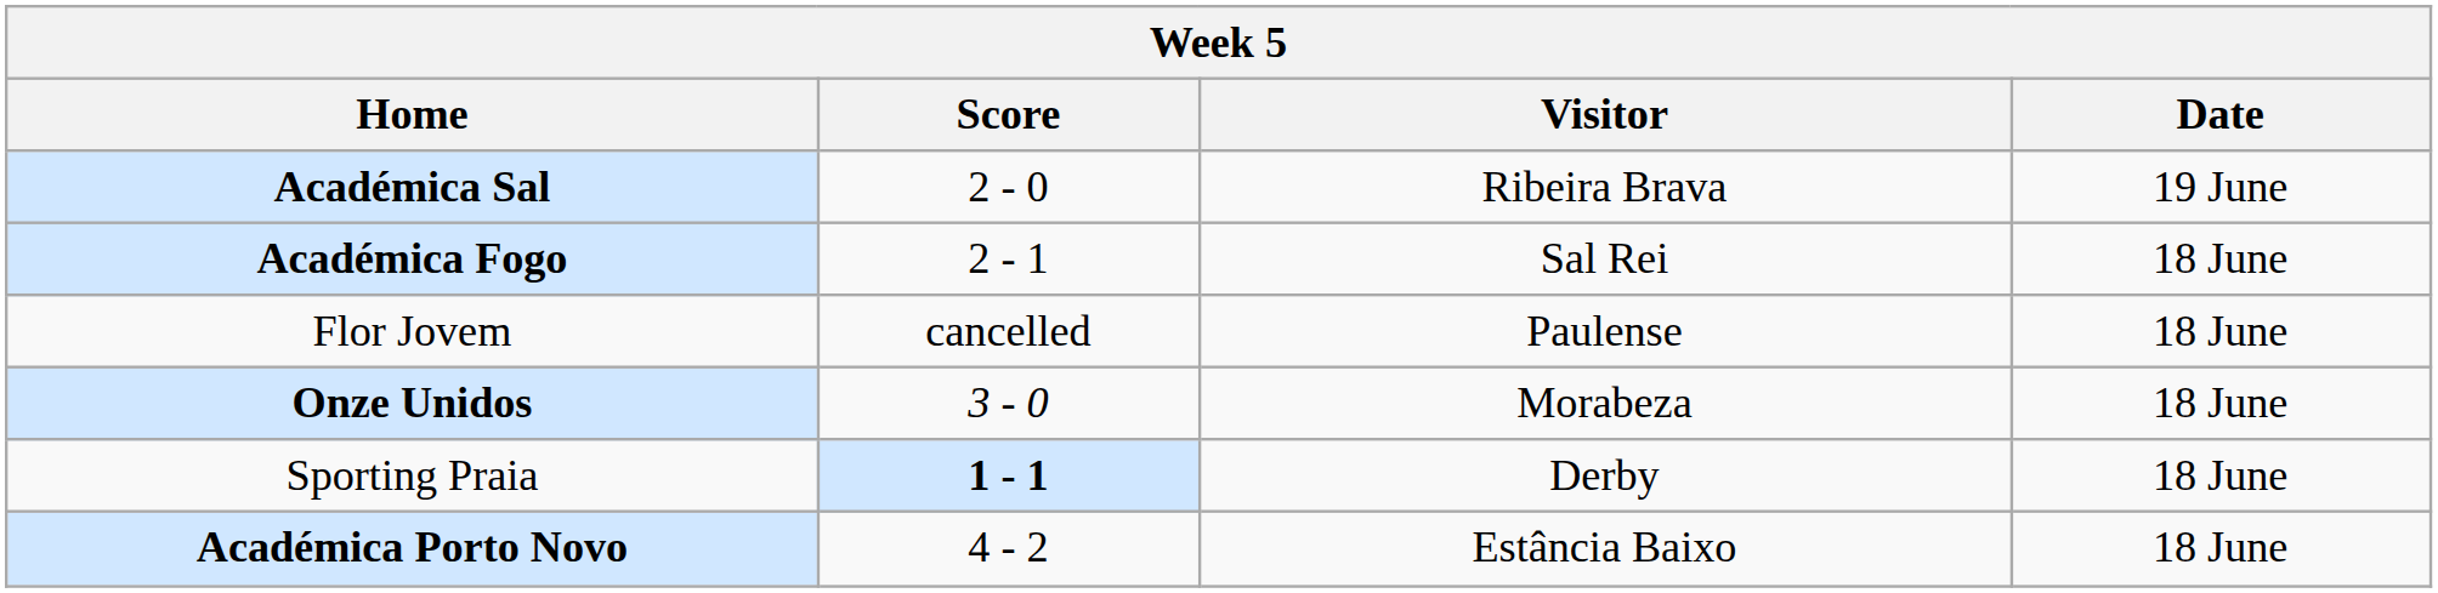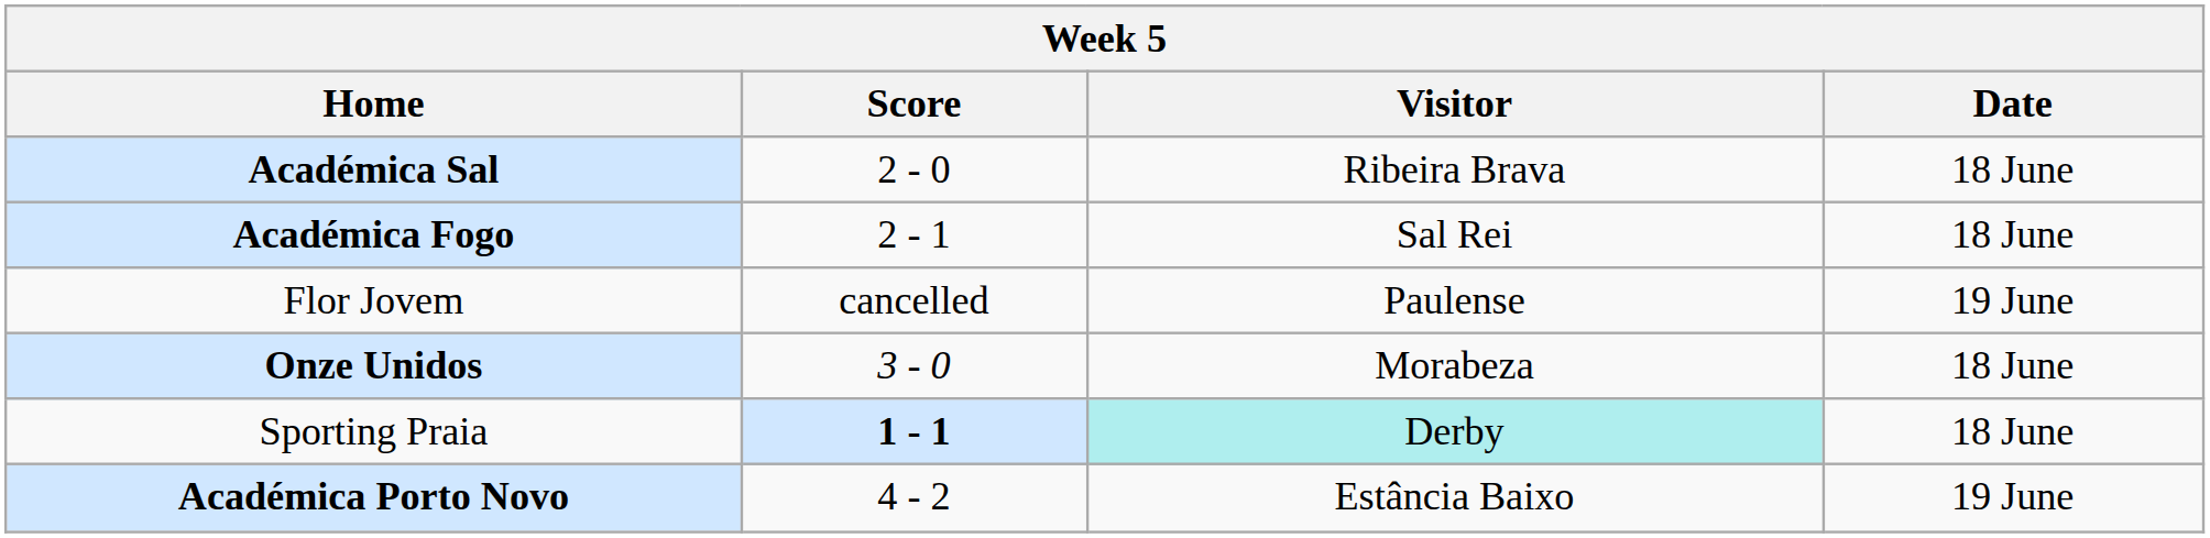 <table class="wikitable" style="font-size:95%; text-align: center; width: 95%;">
 <tr>
 <th colspan="12" style="with: 100%;" align=center>Week 5</th>
 </tr>
 <tr>
 <th width="200">Home</th>
 <th width="90">Score</th>
 <th width="200">Visitor</th>
 <th width="100">Date</th>
 </tr>
 <tr align=center>
 <td bgcolor=#D0E7FF><strong>Académica Sal</strong></td>
 <td>2 - 0</td>
 <td>Ribeira Brava</td>
-<td>19 June</td>
+<td>18 June</td>
 </tr>
 <tr align=center>
 <td bgcolor=#D0E7FF><strong>Académica Fogo</strong></td>
 <td>2 - 1</td>
 <td>Sal Rei</td>
 <td>18 June</td>
 </tr>
 <tr align=center>
 <td>Flor Jovem</td>
 <td>cancelled</td>
 <td>Paulense</td>
-<td>18 June</td>
+<td>19 June</td>
 </tr>
 <tr align=center>
 <td bgcolor=#D0E7FF><strong>Onze Unidos</strong></td>
 <td><em>3 - 0</em></td>
 <td>Morabeza</td>
 <td>18 June</td>
 </tr>
 <tr align=center>
 <td>Sporting Praia</td>
 <td bgcolor=#D0E7FF><strong>1 - 1</strong></td>
-<td>Derby</td>
+<td style="background: paleturquoise;">Derby</td>
 <td>18 June</td>
 </tr>
 <tr align=center>
 <td bgcolor=#D0E7FF><strong>Académica Porto Novo</strong></td>
 <td>4 - 2</td>
 <td>Estância Baixo</td>
-<td>18 June</td>
+<td>19 June</td>
 </tr>
 </table>
